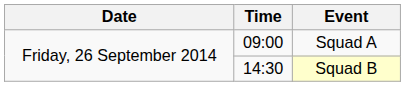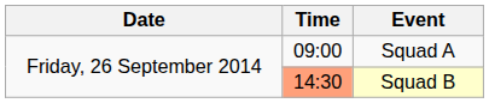 <table class = "wikitable" style="text-align:center;">
 <tr>
 <th width=220>Date</th>
 <th width=50>Time</th>
 <th width=100>Event</th>
 </tr>
 <tr>
 <td rowspan=2>Friday, 26 September 2014</td>
 <td>09:00</td>
 <td>Squad A</td>
 </tr>
 <tr>
-<td>14:30</td>
+<td style="background: lightsalmon;">14:30</td>
 <td bgcolor=ffffcc>Squad B</td>
 </tr>
 </table>
